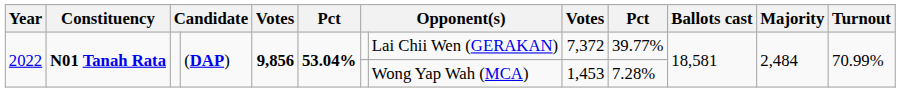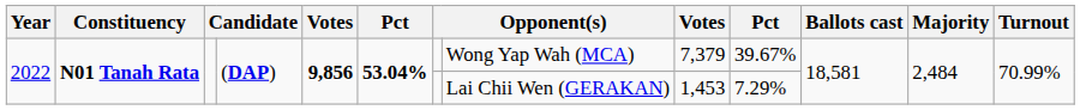 <table class="wikitable" style="margin:0.5em ; font-size:95%">
 <tr>
 <th>Year</th>
 <th>Constituency</th>
 <th colspan=2>Candidate</th>
 <th>Votes</th>
 <th>Pct</th>
 <th colspan=2>Opponent(s)</th>
 <th>Votes</th>
 <th>Pct</th>
 <th>Ballots cast</th>
 <th>Majority</th>
 <th>Turnout</th>
 </tr>
 <tr>
 <td rowspan=2><a href='#'>2022</a></td>
 <td rowspan=2><strong>N01 <a href='#'>Tanah Rata</a></strong></td>
 <td rowspan=2 ></td>
 <td rowspan=2> (<a href='#'><strong>DAP</strong></a>)</td>
 <td rowspan=2 align=right><strong>9,856</strong></td>
 <td rowspan=2><strong>53.04%</strong></td>
 <td></td>
-<td>Lai Chii Wen (<a href='#'>GERAKAN</a>)</td>
-<td align=right>7,372</td>
-<td align=right>39.77%</td>
+<td>Wong Yap Wah (<a href='#'>MCA</a>)</td>
+<td align=right>7,379</td>
+<td align=right>39.67%</td>
 <td rowspan=2>18,581</td>
 <td rowspan=2>2,484</td>
 <td rowspan=2>70.99%</td>
 </tr>
 <tr>
 <td></td>
-<td>Wong Yap Wah (<a href='#'>MCA</a>)</td>
+<td>Lai Chii Wen (<a href='#'>GERAKAN</a>)</td>
 <td align=right>1,453</td>
-<td>7.28%</td>
+<td>7.29%</td>
 </tr>
 </table>
